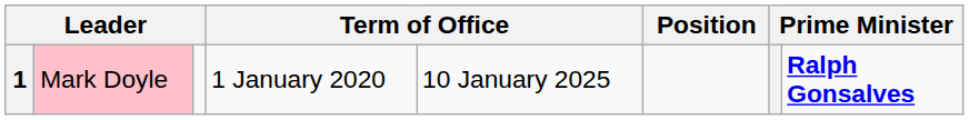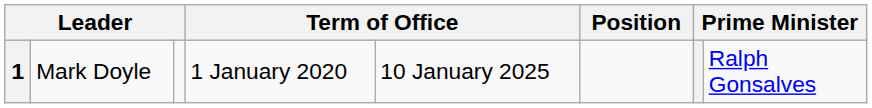 <table class="wikitable">
 <tr>
 <th colspan="3">Leader</th>
 <th colspan="2">Term of Office</th>
 <th>Position</th>
 <th colspan="2" width="20%">Prime Minister</th>
 </tr>
 <tr>
 <th style="background-color: ">1</th>
-<td style="background: pink;">Mark Doyle</td>
+<td>Mark Doyle</td>
 <td></td>
 <td>1 January 2020</td>
 <td>10 January 2025</td>
 <td></td>
 <th style="background-color: "></th>
-<td><strong><a href='#'>Ralph Gonsalves</a></strong></td>
+<td><a href='#'>Ralph Gonsalves</a></td>
 </tr>
 </table>
